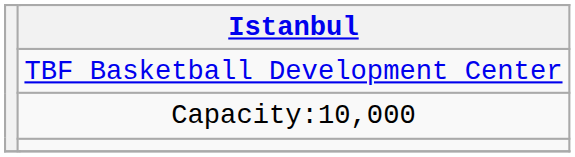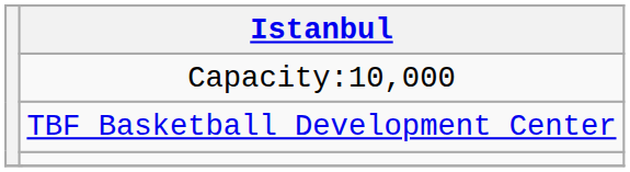 <table class="wikitable" style="text-align:center">
 <tr>
 <th rowspan="4" colspan="2"></th>
 <th><a href='#'>Istanbul</a></th>
 </tr>
 <tr>
-<td><a href='#'>TBF Basketball Development Center</a></td>
+<td>Capacity:10,000</td>
 </tr>
 <tr>
-<td>Capacity:10,000</td>
+<td><a href='#'>TBF Basketball Development Center</a></td>
 </tr>
 <tr>
 <td></td>
 </tr>
 <tr>
 </tr>
 </table>
